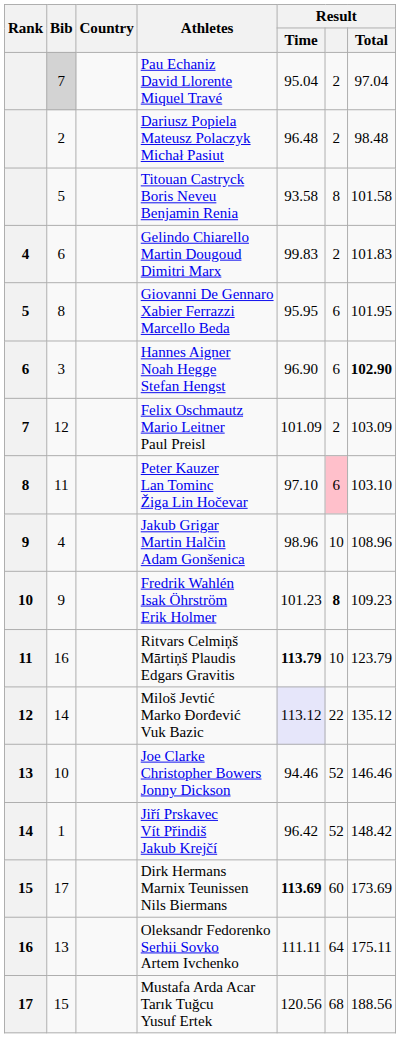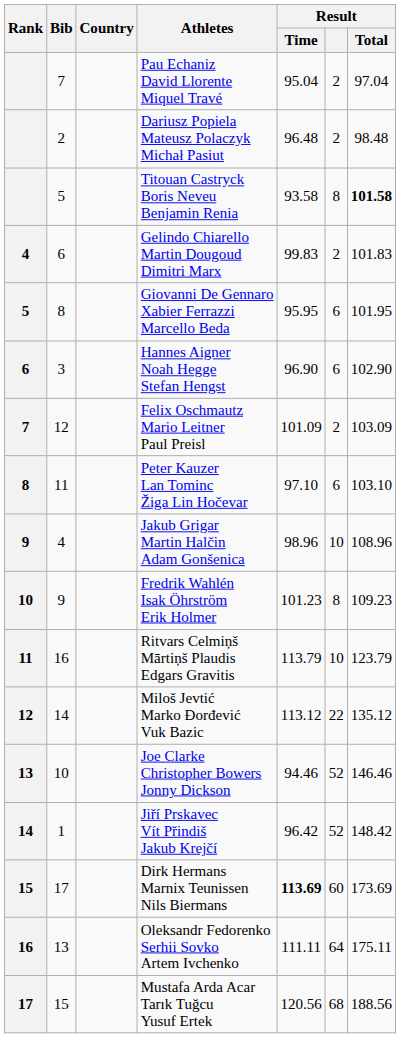 <table class="wikitable" style="text-align:center">
 <tr>
 <th rowspan=2>Rank</th>
 <th rowspan=2>Bib</th>
 <th rowspan=2>Country</th>
 <th rowspan=2>Athletes</th>
 <th colspan=3>Result</th>
 </tr>
 <tr>
 <th>Time</th>
 <th></th>
 <th>Total</th>
 </tr>
 <tr>
 <th></th>
-<td style="background: lightgrey;">7</td>
+<td>7</td>
 <td align=left></td>
 <td align=left><a href='#'>Pau Echaniz</a><br><a href='#'>David Llorente</a><br><a href='#'>Miquel Travé</a></td>
 <td>95.04</td>
 <td>2</td>
 <td>97.04</td>
 </tr>
 <tr>
 <th></th>
 <td>2</td>
 <td align=left></td>
 <td align=left><a href='#'>Dariusz Popiela</a><br><a href='#'>Mateusz Polaczyk</a><br><a href='#'>Michał Pasiut</a></td>
 <td>96.48</td>
 <td>2</td>
 <td>98.48</td>
 </tr>
 <tr>
 <th></th>
 <td>5</td>
 <td align=left></td>
 <td align=left><a href='#'>Titouan Castryck</a><br><a href='#'>Boris Neveu</a><br><a href='#'>Benjamin Renia</a></td>
 <td>93.58</td>
 <td>8</td>
-<td>101.58</td>
+<td><strong>101.58</strong></td>
 </tr>
 <tr>
 <th>4</th>
 <td>6</td>
 <td align=left></td>
 <td align=left><a href='#'>Gelindo Chiarello</a><br><a href='#'>Martin Dougoud</a><br><a href='#'>Dimitri Marx</a></td>
 <td>99.83</td>
 <td>2</td>
 <td>101.83</td>
 </tr>
 <tr>
 <th>5</th>
 <td>8</td>
 <td align=left></td>
 <td align=left><a href='#'>Giovanni De Gennaro</a><br><a href='#'>Xabier Ferrazzi</a><br><a href='#'>Marcello Beda</a></td>
 <td>95.95</td>
 <td>6</td>
 <td>101.95</td>
 </tr>
 <tr>
 <th>6</th>
 <td>3</td>
 <td align=left></td>
 <td align=left><a href='#'>Hannes Aigner</a><br><a href='#'>Noah Hegge</a><br><a href='#'>Stefan Hengst</a></td>
 <td>96.90</td>
 <td>6</td>
-<td><strong>102.90</strong></td>
+<td>102.90</td>
 </tr>
 <tr>
 <th>7</th>
 <td>12</td>
 <td align=left></td>
 <td align=left><a href='#'>Felix Oschmautz</a><br><a href='#'>Mario Leitner</a><br>Paul Preisl</td>
 <td>101.09</td>
 <td>2</td>
 <td>103.09</td>
 </tr>
 <tr>
 <th>8</th>
 <td>11</td>
 <td align=left></td>
 <td align=left><a href='#'>Peter Kauzer</a><br><a href='#'>Lan Tominc</a><br><a href='#'>Žiga Lin Hočevar</a></td>
 <td>97.10</td>
-<td style="background: pink;">6</td>
+<td>6</td>
 <td>103.10</td>
 </tr>
 <tr>
 <th>9</th>
 <td>4</td>
 <td align=left></td>
 <td align=left><a href='#'>Jakub Grigar</a><br><a href='#'>Martin Halčin</a><br><a href='#'>Adam Gonšenica</a></td>
 <td>98.96</td>
 <td>10</td>
 <td>108.96</td>
 </tr>
 <tr>
 <th>10</th>
 <td>9</td>
 <td align=left></td>
 <td align=left><a href='#'>Fredrik Wahlén</a><br><a href='#'>Isak Öhrström</a><br><a href='#'>Erik Holmer</a></td>
 <td>101.23</td>
-<td><strong>8</strong></td>
+<td>8</td>
 <td>109.23</td>
 </tr>
 <tr>
 <th>11</th>
 <td>16</td>
 <td align=left></td>
 <td align=left>Ritvars Celmiņš<br>Mārtiņš Plaudis<br>Edgars Gravitis</td>
-<td><strong>113.79</strong></td>
+<td>113.79</td>
 <td>10</td>
 <td>123.79</td>
 </tr>
 <tr>
 <th>12</th>
 <td>14</td>
 <td align=left></td>
 <td align=left>Miloš Jevtić<br>Marko Đorđević<br>Vuk Bazic</td>
-<td style="background: lavender;">113.12</td>
+<td>113.12</td>
 <td>22</td>
 <td>135.12</td>
 </tr>
 <tr>
 <th>13</th>
 <td>10</td>
 <td align=left></td>
 <td align=left><a href='#'>Joe Clarke</a><br><a href='#'>Christopher Bowers</a><br><a href='#'>Jonny Dickson</a></td>
 <td>94.46</td>
 <td>52</td>
 <td>146.46</td>
 </tr>
 <tr>
 <th>14</th>
 <td>1</td>
 <td align=left></td>
 <td align=left><a href='#'>Jiří Prskavec</a><br><a href='#'>Vít Přindiš</a><br><a href='#'>Jakub Krejčí</a></td>
 <td>96.42</td>
 <td>52</td>
 <td>148.42</td>
 </tr>
 <tr>
 <th>15</th>
 <td>17</td>
 <td align=left></td>
 <td align=left>Dirk Hermans<br>Marnix Teunissen<br>Nils Biermans</td>
 <td><strong>113.69</strong></td>
 <td>60</td>
 <td>173.69</td>
 </tr>
 <tr>
 <th>16</th>
 <td>13</td>
 <td align=left></td>
 <td align=left>Oleksandr Fedorenko<br><a href='#'>Serhii Sovko</a><br>Artem Ivchenko</td>
 <td>111.11</td>
 <td>64</td>
 <td>175.11</td>
 </tr>
 <tr>
 <th>17</th>
 <td>15</td>
 <td align=left></td>
 <td align=left>Mustafa Arda Acar<br>Tarık Tuğcu<br>Yusuf Ertek</td>
 <td>120.56</td>
 <td>68</td>
 <td>188.56</td>
 </tr>
 </table>
